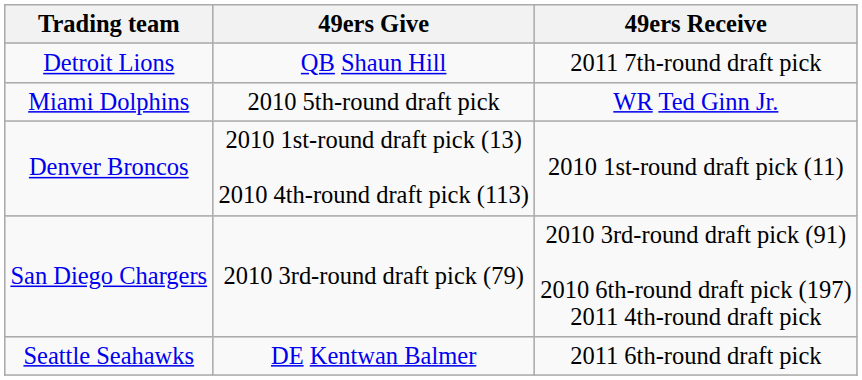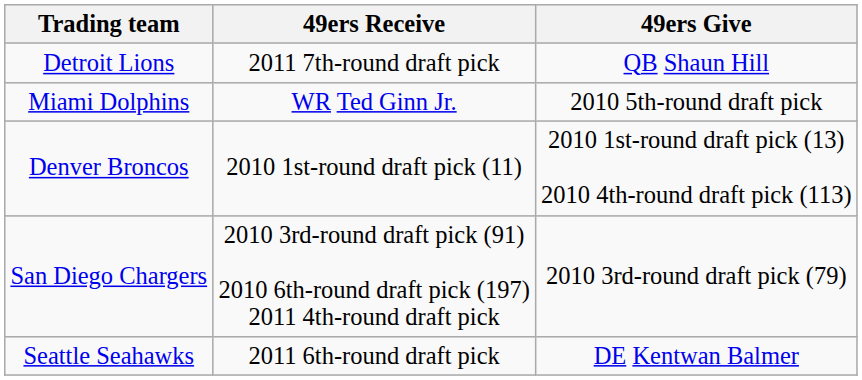 <table class="wikitable">
 <tr>
 <th>Trading team</th>
+<th>49ers Receive</th>
 <th>49ers Give</th>
-<th>49ers Receive</th>
 </tr>
 <tr style="text-align:center;">
 <td><a href='#'>Detroit Lions</a></td>
+<td>2011 7th-round draft pick</td>
 <td><a href='#'>QB</a> <a href='#'>Shaun Hill</a></td>
-<td>2011 7th-round draft pick</td>
 </tr>
 <tr style="text-align:center;">
 <td><a href='#'>Miami Dolphins</a></td>
+<td><a href='#'>WR</a> <a href='#'>Ted Ginn Jr.</a></td>
 <td>2010 5th-round draft pick</td>
-<td><a href='#'>WR</a> <a href='#'>Ted Ginn Jr.</a></td>
 </tr>
 <tr style="text-align:center;">
 <td><a href='#'>Denver Broncos</a></td>
+<td>2010 1st-round draft pick (11)</td>
 <td>2010 1st-round draft pick (13) <br><br>2010 4th-round draft pick (113)</td>
-<td>2010 1st-round draft pick (11)</td>
 </tr>
 <tr style="text-align:center;">
 <td><a href='#'>San Diego Chargers</a></td>
+<td>2010 3rd-round draft pick (91)<br><br>2010 6th-round draft pick (197)<br> 2011 4th-round draft pick</td>
 <td>2010 3rd-round draft pick (79)</td>
-<td>2010 3rd-round draft pick (91)<br><br>2010 6th-round draft pick (197)<br> 2011 4th-round draft pick</td>
 </tr>
 <tr style="text-align:center;">
 <td><a href='#'>Seattle Seahawks</a></td>
+<td>2011 6th-round draft pick</td>
 <td><a href='#'>DE</a> <a href='#'>Kentwan Balmer</a></td>
-<td>2011 6th-round draft pick</td>
 </tr>
 </table>
